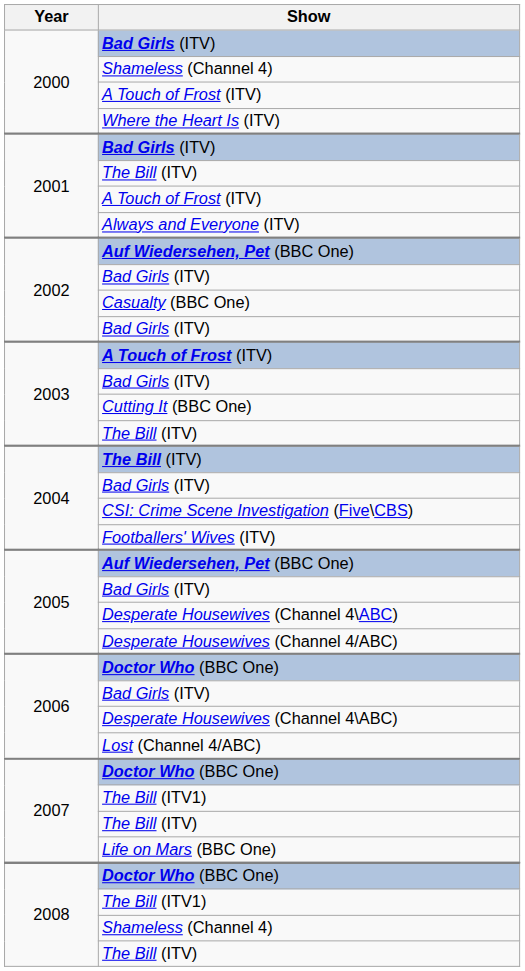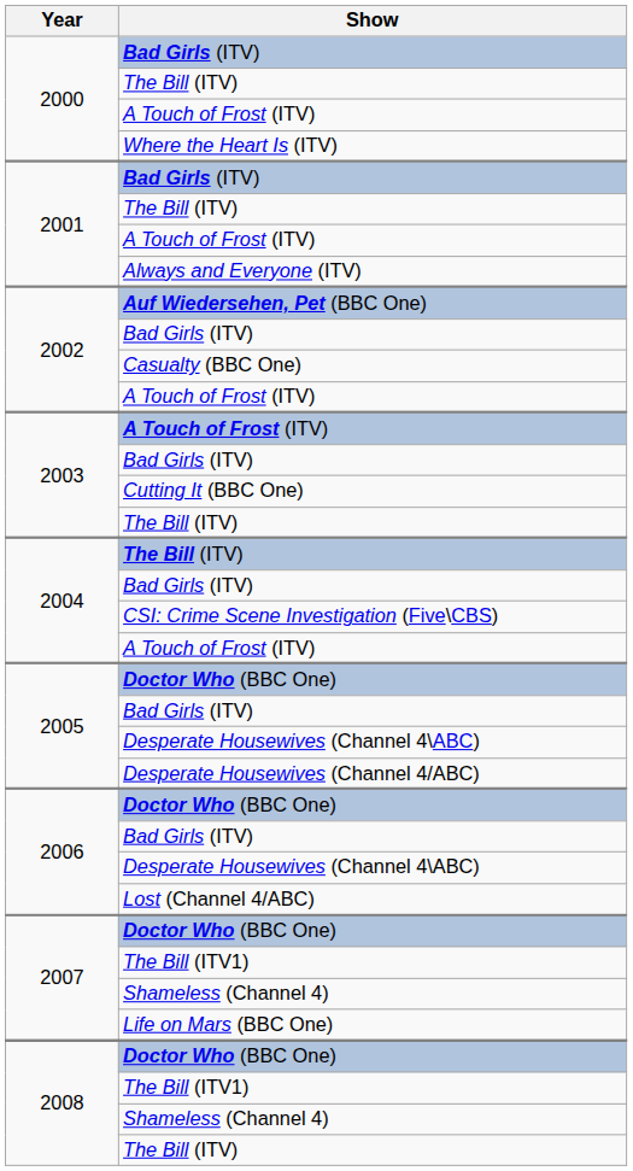 <table class="wikitable" width="40%" cellpadding="10">
 <tr>
 <th width="100"><strong>Year</strong></th>
 <th width="500"><strong>Show</strong></th>
 </tr>
 <tr>
 <td rowspan="4" style="text-align:center;">2000</td>
 <td style="background:#B0C4DE;"><strong><em><a href='#'>Bad Girls</a></em></strong> (ITV)</td>
 </tr>
 <tr>
-<td><em><a href='#'>Shameless</a></em> (Channel 4)</td>
+<td><em><a href='#'>The Bill</a></em> (ITV)</td>
 </tr>
 <tr>
 <td><em><a href='#'>A Touch of Frost</a></em> (ITV)</td>
 </tr>
 <tr>
 <td><em><a href='#'>Where the Heart Is</a></em> (ITV)</td>
 </tr>
 <tr>
 </tr>
 <tr style="border-top:2px solid gray;">
 <td rowspan="4" style="text-align:center;">2001</td>
 <td style="background:#B0C4DE;"><strong><em><a href='#'>Bad Girls</a></em></strong> (ITV)</td>
 </tr>
 <tr>
 <td><em><a href='#'>The Bill</a></em> (ITV)</td>
 </tr>
 <tr>
 <td><em><a href='#'>A Touch of Frost</a></em> (ITV)</td>
 </tr>
 <tr>
 <td><em><a href='#'>Always and Everyone</a></em> (ITV)</td>
 </tr>
 <tr>
 </tr>
 <tr style="border-top:2px solid gray;">
 <td rowspan="4" style="text-align:center;">2002</td>
 <td style="background:#B0C4DE;"><strong><em><a href='#'>Auf Wiedersehen, Pet</a></em></strong> (BBC One)</td>
 </tr>
 <tr>
 <td><em><a href='#'>Bad Girls</a></em> (ITV)</td>
 </tr>
 <tr>
 <td><em><a href='#'>Casualty</a></em> (BBC One)</td>
 </tr>
 <tr>
-<td><em><a href='#'>Bad Girls</a></em> (ITV)</td>
+<td><em><a href='#'>A Touch of Frost</a></em> (ITV)</td>
 </tr>
 <tr>
 </tr>
 <tr style="border-top:2px solid gray;">
 <td rowspan="4" style="text-align:center;">2003</td>
 <td style="background:#B0C4DE;"><strong><em><a href='#'>A Touch of Frost</a></em></strong> (ITV)</td>
 </tr>
 <tr>
 <td><em><a href='#'>Bad Girls</a></em> (ITV)</td>
 </tr>
 <tr>
 <td><em><a href='#'>Cutting It</a></em> (BBC One)</td>
 </tr>
 <tr>
 <td><em><a href='#'>The Bill</a></em> (ITV)</td>
 </tr>
 <tr>
 </tr>
 <tr style="border-top:2px solid gray;">
 <td rowspan="4" style="text-align:center;">2004</td>
 <td style="background:#B0C4DE;"><strong><em><a href='#'>The Bill</a></em></strong> (ITV)</td>
 </tr>
 <tr>
 <td><em><a href='#'>Bad Girls</a></em> (ITV)</td>
 </tr>
 <tr>
 <td><em><a href='#'>CSI: Crime Scene Investigation</a></em> (<a href='#'>Five</a>\<a href='#'>CBS</a>)</td>
 </tr>
 <tr>
-<td><em><a href='#'>Footballers' Wives</a></em> (ITV)</td>
+<td><em><a href='#'>A Touch of Frost</a></em> (ITV)</td>
 </tr>
 <tr>
 </tr>
 <tr style="border-top:2px solid gray;">
 <td rowspan="4" style="text-align:center;">2005</td>
-<td style="background:#B0C4DE;"><strong><em><a href='#'>Auf Wiedersehen, Pet</a></em></strong> (BBC One)</td>
+<td style="background:#B0C4DE;"><strong><em><a href='#'>Doctor Who</a></em></strong> (BBC One)</td>
 </tr>
 <tr>
 <td><em><a href='#'>Bad Girls</a></em> (ITV)</td>
 </tr>
 <tr>
 <td><em><a href='#'>Desperate Housewives</a></em> (Channel 4\<a href='#'>ABC</a>)</td>
 </tr>
 <tr>
 <td><em><a href='#'>Desperate Housewives</a></em> (Channel 4/ABC)</td>
 </tr>
 <tr>
 </tr>
 <tr style="border-top:2px solid gray;">
 <td rowspan="4" style="text-align:center;">2006</td>
 <td style="background:#B0C4DE;"><strong><em><a href='#'>Doctor Who</a></em></strong> (BBC One)</td>
 </tr>
 <tr>
 <td><em><a href='#'>Bad Girls</a></em> (ITV)</td>
 </tr>
 <tr>
 <td><em><a href='#'>Desperate Housewives</a></em> (Channel 4\ABC)</td>
 </tr>
 <tr>
 <td><em><a href='#'>Lost</a></em> (Channel 4/ABC)</td>
 </tr>
 <tr style="border-top:2px solid gray;">
 <td rowspan="4" style="text-align:center;">2007</td>
 <td style="background:#B0C4DE;"><strong><em><a href='#'>Doctor Who</a></em></strong> (BBC One)</td>
 </tr>
 <tr>
 <td><em><a href='#'>The Bill</a></em> (ITV1)</td>
 </tr>
 <tr>
-<td><em><a href='#'>The Bill</a></em> (ITV)</td>
+<td><em><a href='#'>Shameless</a></em> (Channel 4)</td>
 </tr>
 <tr>
 <td><em><a href='#'>Life on Mars</a></em> (BBC One)</td>
 </tr>
 <tr>
 </tr>
 <tr style="border-top:2px solid gray;">
 </tr>
 <tr style="border-top:2px solid gray;">
 <td rowspan="8" style="text-align:center;">2008</td>
 <td style="background:#B0C4DE;"><strong><em><a href='#'>Doctor Who</a></em></strong> (BBC One)</td>
 </tr>
 <tr>
 <td><em><a href='#'>The Bill</a></em> (ITV1)</td>
 </tr>
 <tr>
 <td><em><a href='#'>Shameless</a></em> (Channel 4)</td>
 </tr>
 <tr>
 <td><em><a href='#'>The Bill</a></em> (ITV)</td>
 </tr>
 </table>
